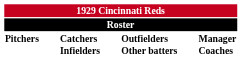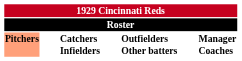 <table class="toccolours" style="font-size: 95%;">
 <tr>
 <th colspan="10" style="background-color: #c6011f; color: white; text-align: center;">1929 Cincinnati Reds</th>
 </tr>
 <tr>
 <td colspan="10" style="background-color: black; color: white; text-align: center;"><strong>Roster</strong></td>
 </tr>
 <tr>
-<td valign="top"><strong>Pitchers</strong><br>            </td>
+<td valign="top" style="background: lightsalmon;"><strong>Pitchers</strong><br>            </td>
 <td width="25px"></td>
 <td valign="top"><strong>Catchers</strong><br>     <strong>Infielders</strong>       </td>
 <td width="25px"></td>
 <td valign="top"><strong>Outfielders</strong><br>     <strong>Other batters</strong> </td>
 <td width="25px"></td>
 <td valign="top"><strong>Manager</strong><br> <strong>Coaches</strong> </td>
 </tr>
 </table>
